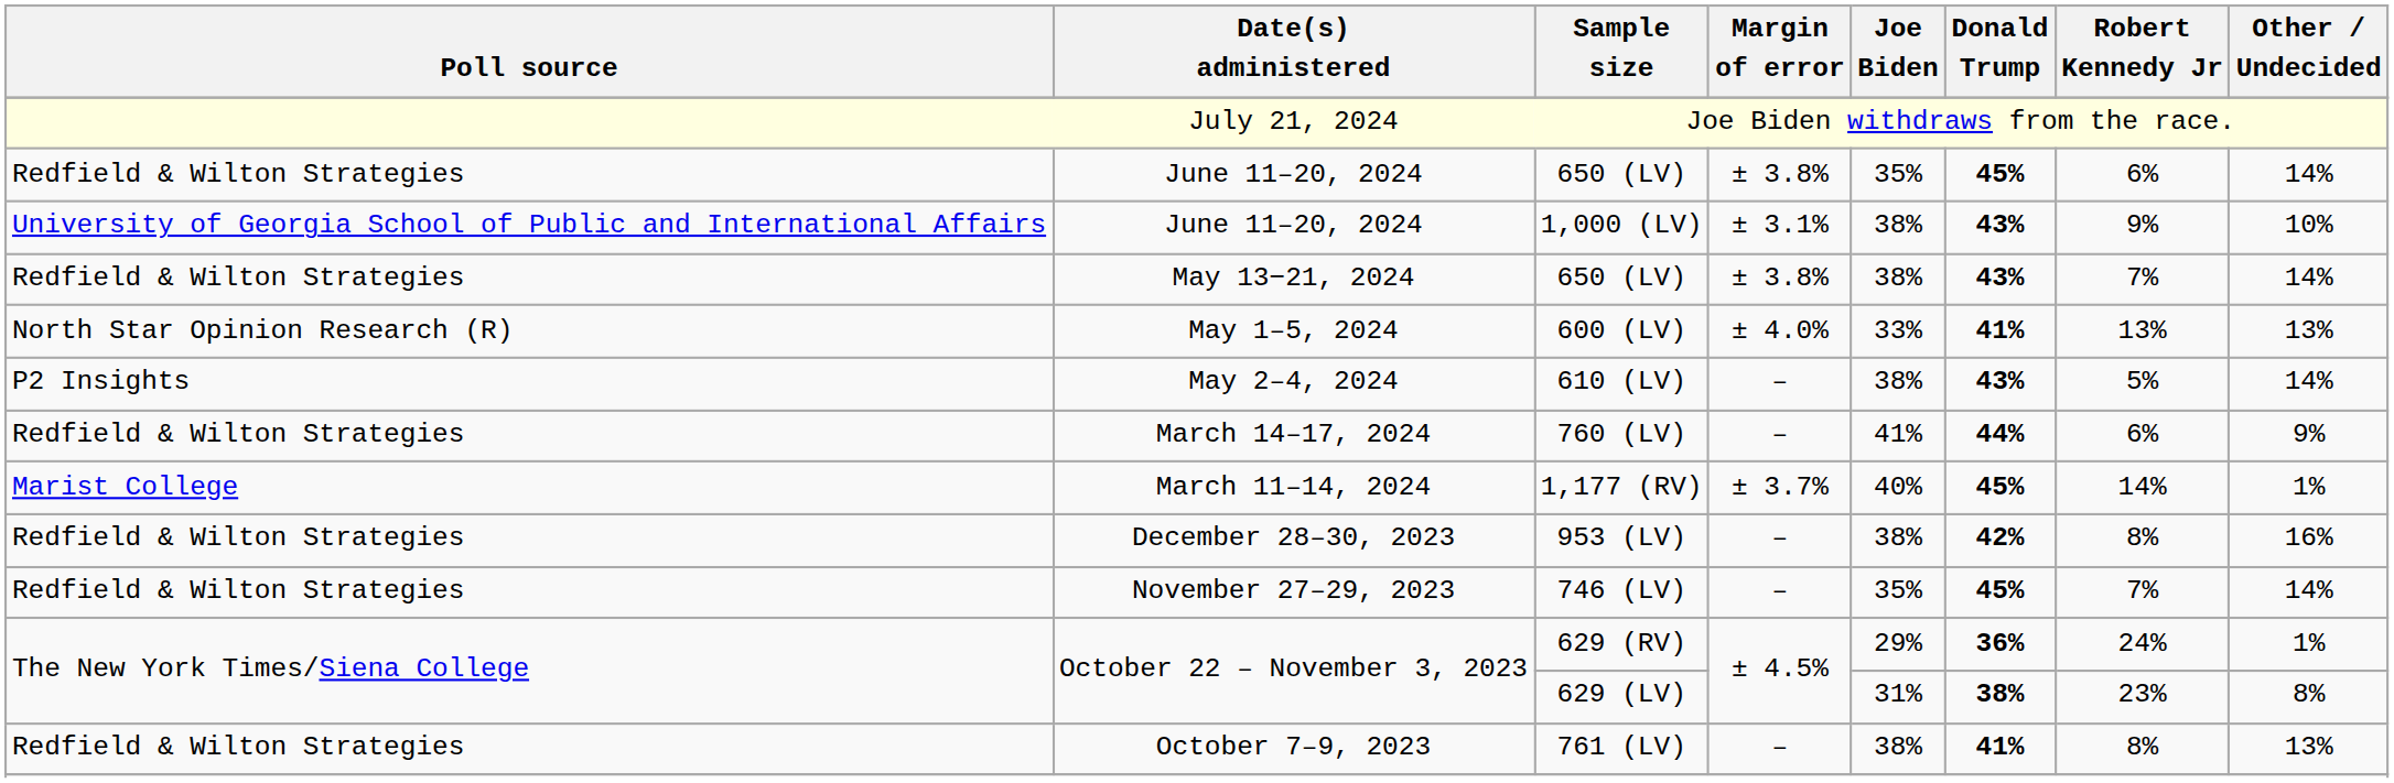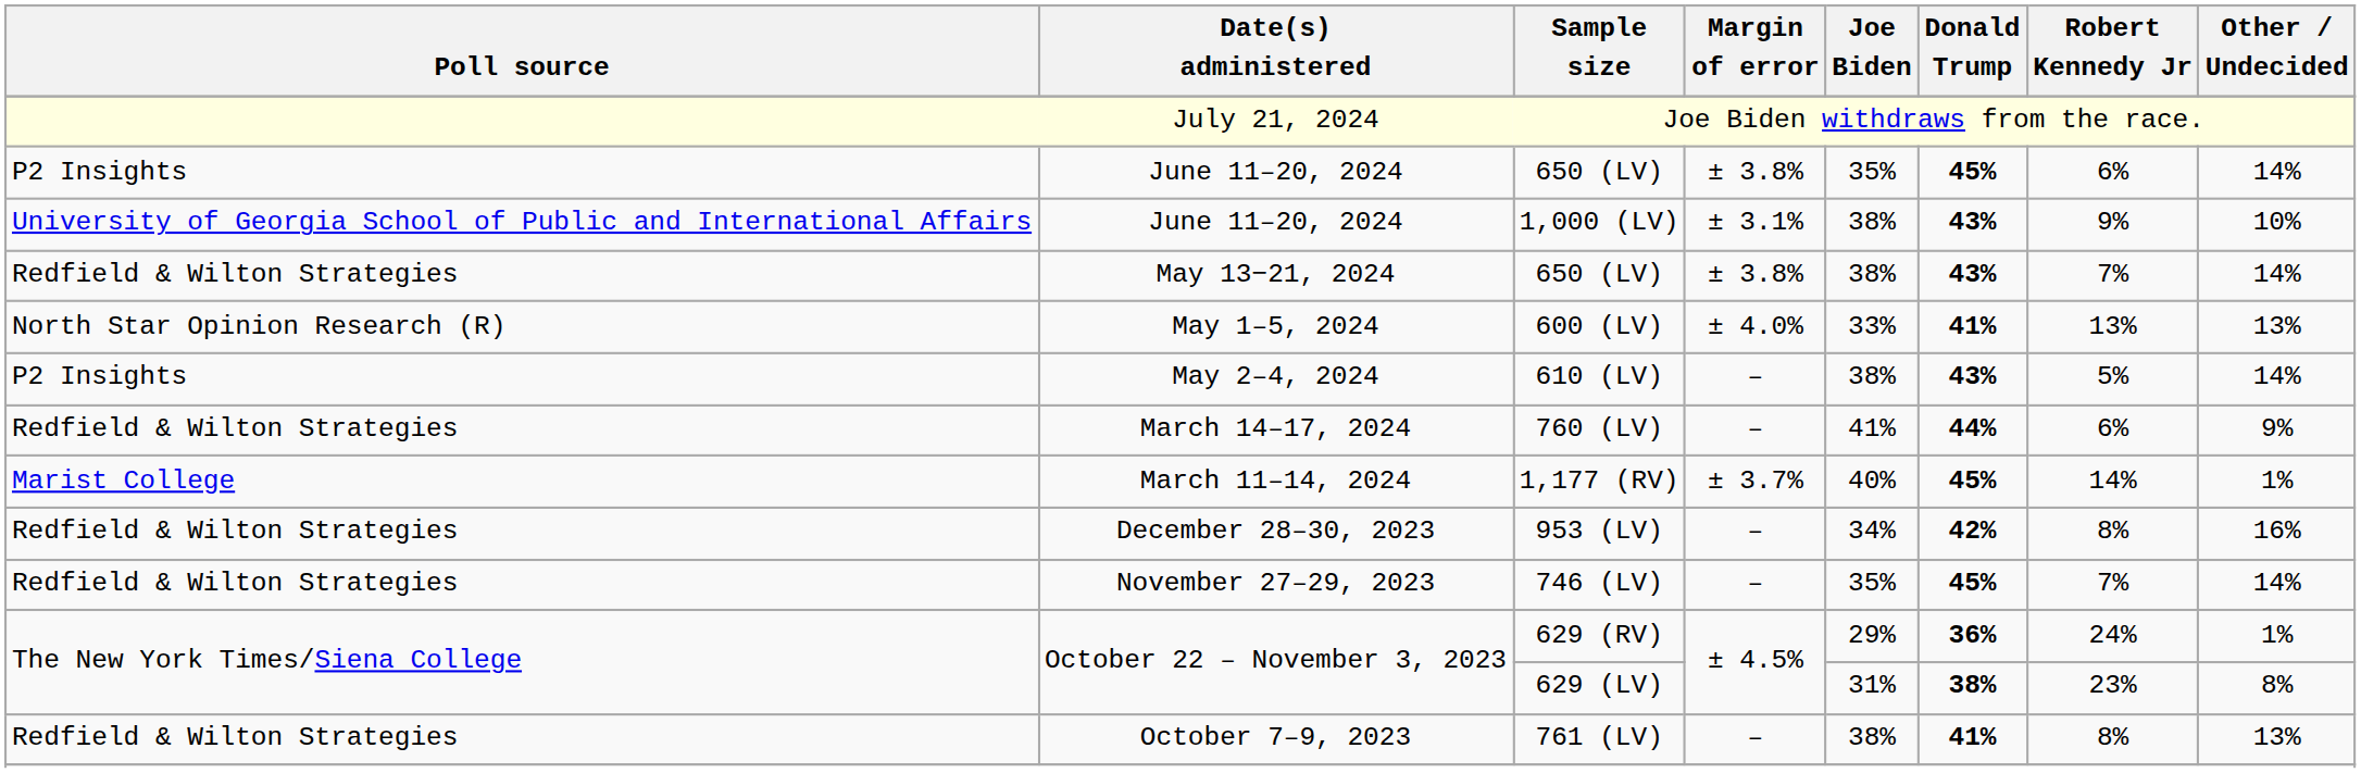 <table class="wikitable sortable mw-datatable" style="font-size:90%;text-align:center;line-height:17px">
 <tr valign=bottom>
 <th>Poll source</th>
 <th>Date(s)<br>administered</th>
 <th>Sample<br>size</th>
 <th>Margin<br>of error</th>
 <th class="unsortable">Joe<br>Biden<br></th>
 <th class="unsortable">Donald<br>Trump<br></th>
 <th class="unsortable">Robert<br>Kennedy Jr<br></th>
 <th class="unsortable">Other /<br>Undecided</th>
 </tr>
 <tr>
 </tr>
 <tr style="background:lightyellow;">
 <td style="border-right-style:hidden;"></td>
 <td style="border-right-style:hidden; " data-sort-value="2024-07-21">July 21, 2024</td>
 <td colspan="6">Joe Biden <a href='#'>withdraws</a> from the race.</td>
 </tr>
 <tr>
-<td style="text-align:left;">Redfield & Wilton Strategies</td>
+<td style="text-align:left;">P2 Insights</td>
 <td data-sort-value="2024-06-26">June 11–20, 2024</td>
 <td>650 (LV)</td>
 <td>± 3.8%</td>
 <td>35%</td>
 <td style="background-color:"><strong>45%</strong></td>
 <td>6%</td>
 <td>14%</td>
 </tr>
 <tr>
 <td style="text-align:left;"><a href='#'>University of Georgia School of Public and International Affairs</a></td>
 <td data-sort-value="2024-06-25">June 11–20, 2024</td>
 <td>1,000 (LV)</td>
 <td>± 3.1%</td>
 <td>38%</td>
 <td style="background-color:"><strong>43%</strong></td>
 <td>9%</td>
 <td>10%</td>
 </tr>
 <tr>
 <td style="text-align:left;">Redfield & Wilton Strategies</td>
 <td data-sort-value="2024-05-21">May 13−21, 2024</td>
 <td>650 (LV)</td>
 <td>± 3.8%</td>
 <td>38%</td>
 <td style="background-color:"><strong>43%</strong></td>
 <td>7%</td>
 <td>14%</td>
 </tr>
 <tr>
 <td style="text-align:left;">North Star Opinion Research (R)</td>
 <td data-sort-value="2024-05-12">May 1–5, 2024</td>
 <td>600 (LV)</td>
 <td>± 4.0%</td>
 <td>33%</td>
 <td style="background-color:"><strong>41%</strong></td>
 <td>13%</td>
 <td>13%</td>
 </tr>
 <tr>
 <td style="text-align:left;">P2 Insights</td>
 <td data-sort-value="2024-05-13">May 2–4, 2024</td>
 <td>610 (LV)</td>
 <td>–</td>
 <td>38%</td>
 <td style="background-color:"><strong>43%</strong></td>
 <td>5%</td>
 <td>14%</td>
 </tr>
 <tr>
 <td style="text-align:left;">Redfield & Wilton Strategies</td>
 <td data-sort-value="2024-03-25">March 14–17, 2024</td>
 <td>760 (LV)</td>
 <td>–</td>
 <td>41%</td>
 <td style="background-color:"><strong>44%</strong></td>
 <td>6%</td>
 <td>9%</td>
 </tr>
 <tr>
 <td style="text-align:left;"><a href='#'>Marist College</a></td>
 <td data-sort-value="2024-03-20">March 11–14, 2024</td>
 <td>1,177 (RV)</td>
 <td>± 3.7%</td>
 <td>40%</td>
 <td style="background-color:"><strong>45%</strong></td>
 <td>14%</td>
 <td>1%</td>
 </tr>
 <tr>
 <td style="text-align:left;">Redfield & Wilton Strategies</td>
 <td data-sort-value="2024-01-08">December 28–30, 2023</td>
 <td>953 (LV)</td>
 <td>–</td>
-<td>38%</td>
+<td>34%</td>
 <td style="background-color:"><strong>42%</strong></td>
 <td>8%</td>
 <td>16%</td>
 </tr>
 <tr>
 <td style="text-align:left;">Redfield & Wilton Strategies</td>
 <td data-sort-value="2023-12-05">November 27–29, 2023</td>
 <td>746 (LV)</td>
 <td>–</td>
 <td>35%</td>
 <td style="background-color:"><strong>45%</strong></td>
 <td>7%</td>
 <td>14%</td>
 </tr>
 <tr>
 <td style="text-align:left;" rowspan="2">The New York Times/<a href='#'>Siena College</a></td>
 <td rowspan="2">October 22 – November 3, 2023</td>
 <td>629 (RV)</td>
 <td rowspan="2">± 4.5%</td>
 <td>29%</td>
 <td style="background-color:"><strong>36%</strong></td>
 <td>24%</td>
 <td>1%</td>
 </tr>
 <tr>
 <td>629 (LV)</td>
 <td>31%</td>
 <td style="background-color:"><strong>38%</strong></td>
 <td>23%</td>
 <td>8%</td>
 </tr>
 <tr>
 <td style="text-align:left;">Redfield & Wilton Strategies</td>
 <td data-sort-value="2023-10-15">October 7–9, 2023</td>
 <td>761 (LV)</td>
 <td>–</td>
 <td>38%</td>
 <td style="background-color:"><strong>41%</strong></td>
 <td>8%</td>
 <td>13%</td>
 </tr>
 <tr>
 </tr>
 <tr>
 </tr>
 </table>
